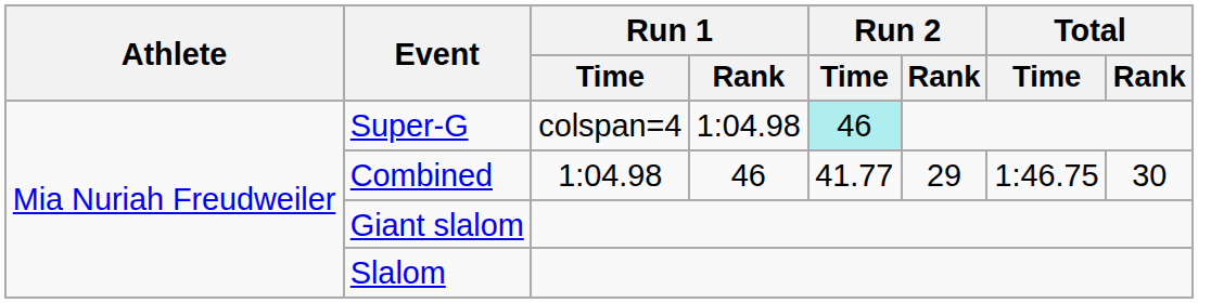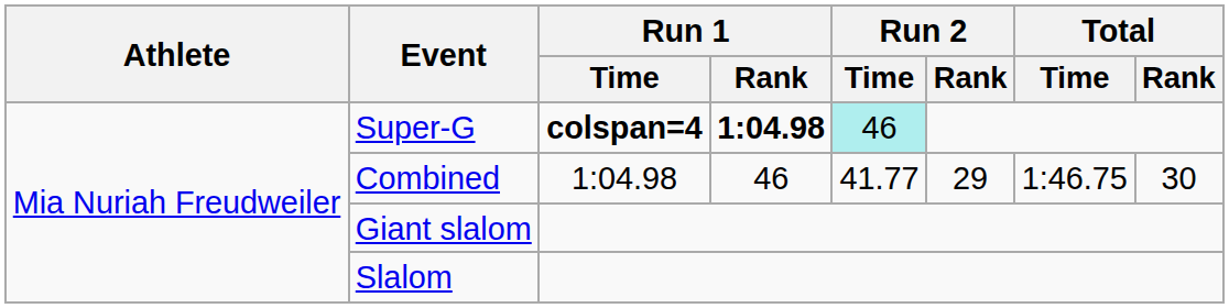 <table class="wikitable" style="font-size:90%">
 <tr>
 <th rowspan=2>Athlete</th>
 <th rowspan=2>Event</th>
 <th colspan=2>Run 1</th>
 <th colspan=2>Run 2</th>
 <th colspan=2>Total</th>
 </tr>
 <tr style="font-size:95%">
 <th>Time</th>
 <th>Rank</th>
 <th>Time</th>
 <th>Rank</th>
 <th>Time</th>
 <th>Rank</th>
 </tr>
 <tr align=center>
 <td align="left" rowspan="4"><a href='#'>Mia Nuriah Freudweiler</a></td>
 <td align="left"><a href='#'>Super-G</a></td>
-<td>colspan=4</td>
-<td>1:04.98</td>
+<td><strong>colspan=4</strong></td>
+<td><strong>1:04.98</strong></td>
 <td style="background: paleturquoise;">46</td>
 </tr>
 <tr align=center>
 <td align="left"><a href='#'>Combined</a></td>
 <td>1:04.98</td>
 <td>46</td>
 <td>41.77</td>
 <td>29</td>
 <td>1:46.75</td>
 <td>30</td>
 </tr>
 <tr align=center>
 <td align="left"><a href='#'>Giant slalom</a></td>
 <td colspan=6></td>
 </tr>
 <tr align=center>
 <td align="left"><a href='#'>Slalom</a></td>
 <td colspan=6></td>
 </tr>
 </table>
